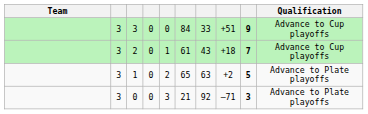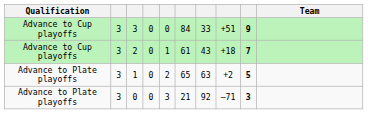 <table class="wikitable" style="text-align:center;">
 <tr>
-<th style="width:12.5em">Team</th>
+<th style="width:12.5em">Qualification</th>
 <th style="width:1.5em;"></th>
 <th style="width:1.5em;"></th>
 <th style="width:1.5em;"></th>
 <th style="width:1.5em;"></th>
 <th style="width:2.0em;"></th>
 <th style="width:2.0em;"></th>
 <th style="width:2.5em;"></th>
 <th style="width:1.5em;"></th>
-<th style="width:12.5em">Qualification</th>
+<th style="width:12.5em">Team</th>
 </tr>
 <tr bgcolor="#bbf3bb">
-<td align="left"></td>
+<td>Advance to Cup playoffs</td>
 <td>3</td>
 <td>3</td>
 <td>0</td>
 <td>0</td>
 <td>84</td>
 <td>33</td>
 <td>+51</td>
 <td><strong>9</strong></td>
-<td>Advance to Cup playoffs</td>
+<td align="left"></td>
 </tr>
 <tr bgcolor="#bbf3bb">
-<td align="left"></td>
+<td>Advance to Cup playoffs</td>
 <td>3</td>
 <td>2</td>
 <td>0</td>
 <td>1</td>
 <td>61</td>
 <td>43</td>
 <td>+18</td>
 <td><strong>7</strong></td>
-<td>Advance to Cup playoffs</td>
+<td align="left"></td>
 </tr>
 <tr>
-<td align="left"></td>
+<td>Advance to Plate playoffs</td>
 <td>3</td>
 <td>1</td>
 <td>0</td>
 <td>2</td>
 <td>65</td>
 <td>63</td>
 <td>+2</td>
 <td><strong>5</strong></td>
-<td>Advance to Plate playoffs</td>
+<td align="left"></td>
 </tr>
 <tr>
-<td align="left"></td>
+<td>Advance to Plate playoffs</td>
 <td>3</td>
 <td>0</td>
 <td>0</td>
 <td>3</td>
 <td>21</td>
 <td>92</td>
 <td>–71</td>
 <td><strong>3</strong></td>
-<td>Advance to Plate playoffs</td>
+<td align="left"></td>
 </tr>
 </table>
